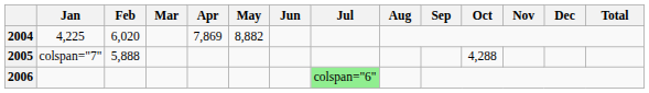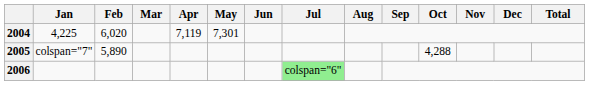 <table class="wikitable" style="font-size: 90%; text-align: center">
 <tr>
 <th></th>
 <th width="40px">Jan</th>
 <th width="40px">Feb</th>
 <th width="40px">Mar</th>
 <th width="40px">Apr</th>
 <th width="40px">May</th>
 <th width="40px">Jun</th>
 <th width="40px">Jul</th>
 <th width="40px">Aug</th>
 <th width="40px">Sep</th>
 <th width="40px">Oct</th>
 <th width="40px">Nov</th>
 <th width="40px">Dec</th>
 <th width="60px">Total</th>
 </tr>
 <tr>
 <th>2004</th>
 <td>4,225<br></td>
 <td>6,020<br></td>
 <td></td>
-<td>7,869<br></td>
-<td>8,882<br></td>
+<td>7,119<br></td>
+<td>7,301<br></td>
 <td></td>
 <td></td>
 </tr>
 <tr>
 <th>2005</th>
 <td>colspan="7" </td>
-<td>5,888<br></td>
+<td>5,890<br></td>
 <td></td>
 <td></td>
 <td></td>
 <td></td>
 <td></td>
 <td></td>
 <td></td>
 <td>4,288<br></td>
 <td></td>
 <td></td>
 <td></td>
 </tr>
 <tr>
 <th>2006</th>
 <td></td>
 <td></td>
 <td></td>
 <td></td>
 <td></td>
 <td></td>
 <td style="background: lightgreen;">colspan="6" </td>
 <td></td>
 </tr>
 </table>
